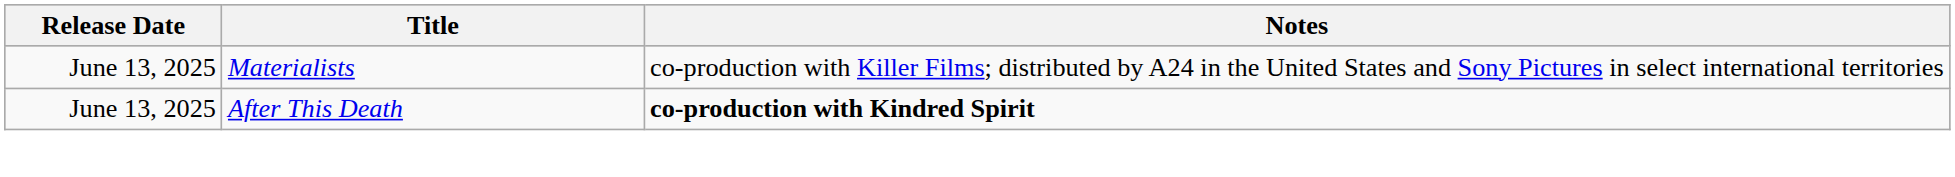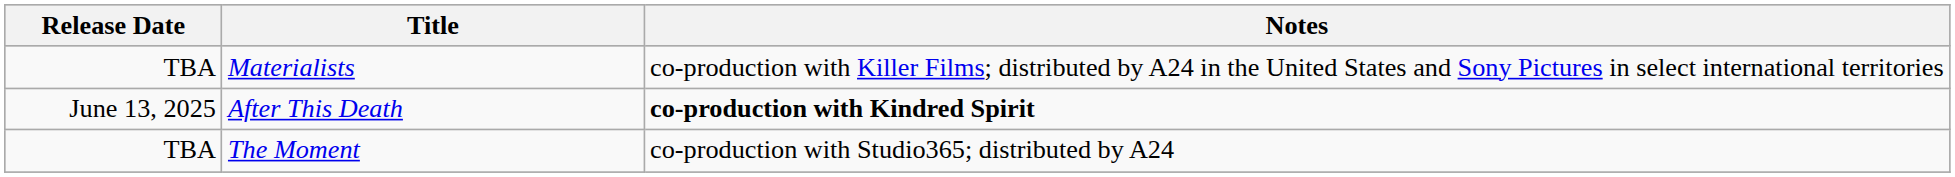 <table class="wikitable sortable">
 <tr>
 <th style="width:125px;">Release Date</th>
 <th style="width:250px;">Title</th>
 <th>Notes</th>
 </tr>
 <tr>
-<td style="text-align:right;">June 13, 2025</td>
+<td style="text-align:right;">TBA</td>
 <td><em><a href='#'>Materialists</a></em></td>
 <td>co-production with <a href='#'>Killer Films</a>; distributed by A24 in the United States and <a href='#'>Sony Pictures</a> in select international territories</td>
 </tr>
 <tr>
 <td style="text-align:right;">June 13, 2025</td>
 <td><em><a href='#'>After This Death</a></em></td>
 <td><strong>co-production with Kindred Spirit</strong></td>
 </tr>
+<tr>
+<td style="text-align:right;">TBA</td>
+<td><em><a href='#'>The Moment</a></em></td>
+<td>co-production with Studio365; distributed by A24</td>
+</tr>
 </table>
